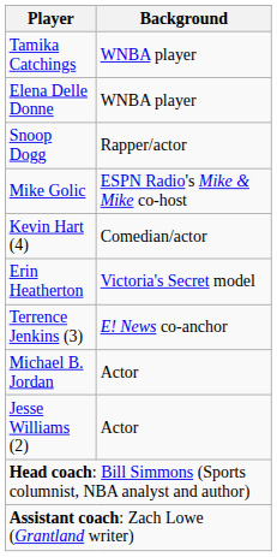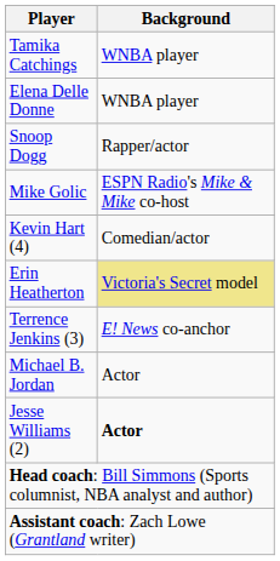 <table class="wikitable">
 <tr>
 <th width=80>Player</th>
 <th width=160>Background</th>
 </tr>
 <tr>
 <td><a href='#'>Tamika Catchings</a></td>
 <td><a href='#'>WNBA</a> player</td>
 </tr>
 <tr>
 <td><a href='#'>Elena Delle Donne</a></td>
 <td>WNBA player</td>
 </tr>
 <tr>
 <td><a href='#'>Snoop Dogg</a></td>
 <td>Rapper/actor</td>
 </tr>
 <tr>
 <td><a href='#'>Mike Golic</a></td>
 <td><a href='#'>ESPN Radio</a>'s <em><a href='#'>Mike & Mike</a></em> co-host</td>
 </tr>
 <tr>
 <td><a href='#'>Kevin Hart</a> (4)</td>
 <td>Comedian/actor</td>
 </tr>
 <tr>
 <td><a href='#'>Erin Heatherton</a></td>
-<td><a href='#'>Victoria's Secret</a> model</td>
+<td style="background: khaki;"><a href='#'>Victoria's Secret</a> model</td>
 </tr>
 <tr>
 <td><a href='#'>Terrence Jenkins</a> (3)</td>
 <td><em><a href='#'>E! News</a></em> co-anchor</td>
 </tr>
 <tr>
 <td><a href='#'>Michael B. Jordan</a></td>
 <td>Actor</td>
 </tr>
 <tr>
 <td><a href='#'>Jesse Williams</a> (2)</td>
-<td>Actor</td>
+<td><strong>Actor</strong></td>
 </tr>
 <tr>
 <td colspan="3"><strong>Head coach</strong>: <a href='#'>Bill Simmons</a> (Sports columnist, NBA analyst and author)</td>
 </tr>
 <tr>
 <td colspan="3"><strong>Assistant coach</strong>: Zach Lowe (<em><a href='#'>Grantland</a></em> writer)</td>
 </tr>
 </table>
